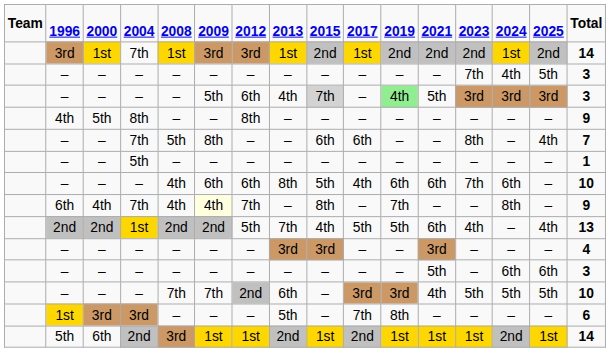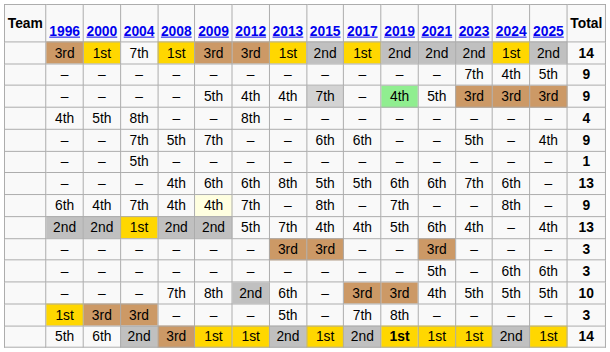 <table class="wikitable" style="text-align:center; font-size:90%">
 <tr bgcolor=>
 <td><strong>Team</strong></td>
 <td><strong><br><a href='#'>1996</a></strong></td>
 <td><strong><br><a href='#'>2000</a></strong></td>
 <td><strong><br><a href='#'>2004</a></strong></td>
 <td><strong><br><a href='#'>2008</a></strong></td>
 <td><strong><br><a href='#'>2009</a></strong></td>
 <td><strong><br><a href='#'>2012</a></strong></td>
 <td><strong><br><a href='#'>2013</a></strong></td>
 <td><strong><br><a href='#'>2015</a></strong></td>
 <td><strong><br><a href='#'>2017</a></strong></td>
 <td><strong><br><a href='#'>2019</a></strong></td>
 <td><strong><br><a href='#'>2021</a></strong></td>
 <td><strong><br><a href='#'>2023</a></strong></td>
 <td><strong><br><a href='#'>2024</a></strong></td>
 <td><strong><br><a href='#'>2025</a></strong></td>
 <td><strong>Total</strong></td>
 </tr>
 <tr>
 <td align=left></td>
 <td bgcolor=#cc9966>3rd</td>
 <td bgcolor=gold>1st</td>
 <td>7th</td>
 <td bgcolor=gold>1st</td>
 <td bgcolor=#cc9966>3rd</td>
 <td bgcolor=#cc9966>3rd</td>
 <td bgcolor=gold>1st</td>
 <td bgcolor=silver>2nd</td>
 <td bgcolor=gold>1st</td>
 <td bgcolor=silver>2nd</td>
 <td bgcolor=silver>2nd</td>
 <td bgcolor=silver>2nd</td>
 <td bgcolor=gold>1st</td>
 <td bgcolor=silver>2nd</td>
 <td><strong>14</strong></td>
 </tr>
 <tr>
 <td align=left></td>
 <td>–</td>
 <td>–</td>
 <td>–</td>
 <td>–</td>
 <td>–</td>
 <td>–</td>
 <td>–</td>
 <td>–</td>
 <td>–</td>
 <td>–</td>
 <td>–</td>
 <td>7th</td>
 <td>4th</td>
 <td>5th</td>
-<td><strong>3</strong></td>
+<td><strong>9</strong></td>
 </tr>
 <tr>
 <td align=left></td>
 <td>–</td>
 <td>–</td>
 <td>–</td>
 <td>–</td>
 <td>5th</td>
-<td>6th</td>
+<td>4th</td>
 <td>4th</td>
 <td style="background: lightgrey;">7th</td>
 <td>–</td>
 <td style="background: lightgreen;">4th</td>
 <td>5th</td>
 <td bgcolor=#cc9966>3rd</td>
 <td bgcolor=#cc9966>3rd</td>
 <td bgcolor=#cc9966>3rd</td>
-<td><strong>3</strong></td>
+<td><strong>9</strong></td>
 </tr>
 <tr>
 <td align=left></td>
 <td>4th</td>
 <td>5th</td>
 <td>8th</td>
 <td>–</td>
 <td>–</td>
 <td>8th</td>
 <td>–</td>
 <td>–</td>
 <td>–</td>
 <td>–</td>
 <td>–</td>
 <td>–</td>
 <td>–</td>
 <td>–</td>
-<td><strong>9</strong></td>
+<td><strong>4</strong></td>
 </tr>
 <tr>
 <td align=left></td>
 <td>–</td>
 <td>–</td>
 <td>7th</td>
 <td>5th</td>
-<td>8th</td>
+<td>7th</td>
 <td>–</td>
 <td>–</td>
 <td>6th</td>
 <td>6th</td>
 <td>–</td>
 <td>–</td>
-<td>8th</td>
+<td>5th</td>
 <td>–</td>
 <td>4th</td>
-<td><strong>7</strong></td>
+<td><strong>9</strong></td>
 </tr>
 <tr>
 <td align=left></td>
 <td>–</td>
 <td>–</td>
 <td>5th</td>
 <td>–</td>
 <td>–</td>
 <td>–</td>
 <td>–</td>
 <td>–</td>
 <td>–</td>
 <td>–</td>
 <td>–</td>
 <td>–</td>
 <td>–</td>
 <td>–</td>
 <td><strong>1</strong></td>
 </tr>
 <tr>
 <td align=left></td>
 <td>–</td>
 <td>–</td>
 <td>–</td>
 <td>4th</td>
 <td>6th</td>
 <td>6th</td>
 <td>8th</td>
 <td>5th</td>
-<td>4th</td>
+<td>5th</td>
 <td>6th</td>
 <td>6th</td>
 <td>7th</td>
 <td>6th</td>
 <td>–</td>
-<td><strong>10</strong></td>
+<td><strong>13</strong></td>
 </tr>
 <tr>
 <td align=left></td>
 <td>6th</td>
 <td>4th</td>
 <td>7th</td>
 <td>4th</td>
 <td style="background: lightyellow;">4th</td>
 <td>7th</td>
 <td>–</td>
 <td>8th</td>
 <td>–</td>
 <td>7th</td>
 <td>–</td>
 <td>–</td>
 <td>8th</td>
 <td>–</td>
 <td><strong>9</strong></td>
 </tr>
 <tr>
 <td align=left></td>
 <td bgcolor=silver>2nd</td>
 <td bgcolor=silver>2nd</td>
 <td bgcolor=gold>1st</td>
 <td bgcolor=silver>2nd</td>
 <td bgcolor=silver>2nd</td>
 <td>5th</td>
 <td>7th</td>
 <td>4th</td>
-<td>5th</td>
+<td>4th</td>
 <td>5th</td>
 <td>6th</td>
 <td>4th</td>
 <td>–</td>
 <td>4th</td>
 <td><strong>13</strong></td>
 </tr>
 <tr>
 <td align=left></td>
 <td>–</td>
 <td>–</td>
 <td>–</td>
 <td>–</td>
 <td>–</td>
 <td>–</td>
 <td bgcolor=#cc9966>3rd</td>
 <td bgcolor=#cc9966>3rd</td>
 <td>–</td>
 <td>–</td>
 <td bgcolor=#cc9966>3rd</td>
 <td>–</td>
 <td>–</td>
 <td>–</td>
-<td><strong>4</strong></td>
+<td><strong>3</strong></td>
 </tr>
 <tr>
 <td align=left></td>
 <td>–</td>
 <td>–</td>
 <td>–</td>
 <td>–</td>
 <td>–</td>
 <td>–</td>
 <td>–</td>
 <td>–</td>
 <td>–</td>
 <td>–</td>
 <td>5th</td>
 <td>–</td>
 <td>6th</td>
 <td>6th</td>
 <td><strong>3</strong></td>
 </tr>
 <tr>
 <td align=left></td>
 <td>–</td>
 <td>–</td>
 <td>–</td>
 <td>7th</td>
-<td>7th</td>
+<td>8th</td>
 <td bgcolor=silver>2nd</td>
 <td>6th</td>
 <td>–</td>
 <td bgcolor=#cc9966>3rd</td>
 <td bgcolor=#cc9966>3rd</td>
 <td>4th</td>
 <td>5th</td>
 <td>5th</td>
 <td>5th</td>
 <td><strong>10</strong></td>
 </tr>
 <tr>
 <td align=left></td>
 <td bgcolor=gold>1st</td>
 <td bgcolor=#cc9966>3rd</td>
 <td bgcolor=#cc9966>3rd</td>
 <td>–</td>
 <td>–</td>
 <td>–</td>
 <td>5th</td>
 <td>–</td>
 <td>7th</td>
 <td>8th</td>
 <td>–</td>
 <td>–</td>
 <td>–</td>
 <td>–</td>
-<td><strong>6</strong></td>
+<td><strong>3</strong></td>
 </tr>
 <tr>
 <td align=left></td>
 <td>5th</td>
 <td>6th</td>
 <td bgcolor=silver>2nd</td>
 <td bgcolor=#cc9966>3rd</td>
 <td bgcolor=gold>1st</td>
 <td bgcolor=gold>1st</td>
 <td bgcolor=silver>2nd</td>
 <td bgcolor=gold>1st</td>
 <td bgcolor=silver>2nd</td>
-<td bgcolor=gold>1st</td>
+<td bgcolor=gold><strong>1st</strong></td>
 <td bgcolor=gold>1st</td>
 <td bgcolor=gold>1st</td>
 <td bgcolor=silver>2nd</td>
 <td bgcolor=gold>1st</td>
 <td><strong>14</strong></td>
 </tr>
 </table>
